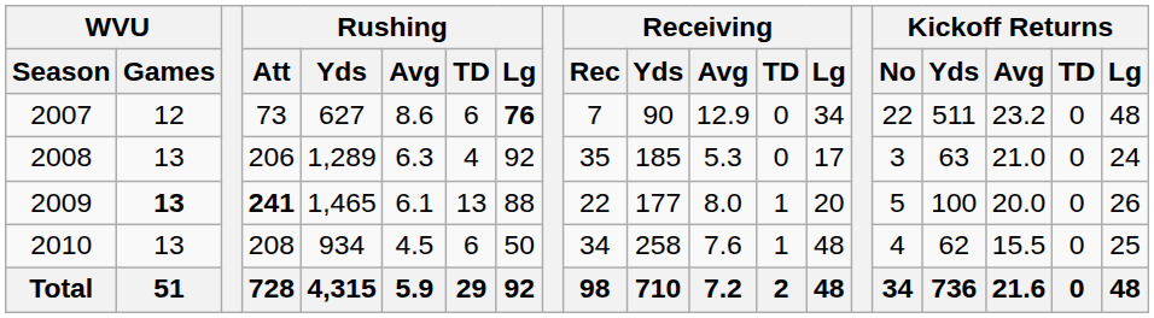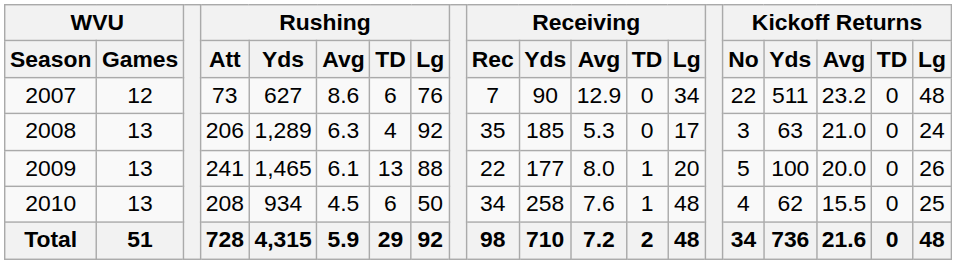 <table class="wikitable" style="text-align:center">
 <tr>
 <th colspan=2> WVU</th>
 <th rowspan=7> </th>
 <th colspan=5>Rushing</th>
 <th rowspan=7> </th>
 <th colspan=5>Receiving</th>
 <th rowspan=7> </th>
 <th colspan=5>Kickoff Returns</th>
 </tr>
 <tr>
 <th>Season</th>
 <th>Games</th>
 <th>Att</th>
 <th>Yds</th>
 <th>Avg</th>
 <th>TD</th>
 <th>Lg</th>
 <th>Rec</th>
 <th>Yds</th>
 <th>Avg</th>
 <th>TD</th>
 <th>Lg</th>
 <th>No</th>
 <th>Yds</th>
 <th>Avg</th>
 <th>TD</th>
 <th>Lg</th>
 </tr>
 <tr>
 <td>2007</td>
 <td>12</td>
 <td>73</td>
 <td>627</td>
 <td>8.6</td>
 <td>6</td>
-<td><strong>76</strong></td>
+<td>76</td>
 <td>7</td>
 <td>90</td>
 <td>12.9</td>
 <td>0</td>
 <td>34</td>
 <td>22</td>
 <td>511</td>
 <td>23.2</td>
 <td>0</td>
 <td>48</td>
 </tr>
 <tr>
 <td>2008</td>
 <td>13</td>
 <td>206</td>
 <td>1,289</td>
 <td>6.3</td>
 <td>4</td>
 <td>92</td>
 <td>35</td>
 <td>185</td>
 <td>5.3</td>
 <td>0</td>
 <td>17</td>
 <td>3</td>
 <td>63</td>
 <td>21.0</td>
 <td>0</td>
 <td>24</td>
 </tr>
 <tr>
 <td>2009</td>
-<td><strong>13</strong></td>
-<td><strong>241</strong></td>
+<td>13</td>
+<td>241</td>
 <td>1,465</td>
 <td>6.1</td>
 <td>13</td>
 <td>88</td>
 <td>22</td>
 <td>177</td>
 <td>8.0</td>
 <td>1</td>
 <td>20</td>
 <td>5</td>
 <td>100</td>
 <td>20.0</td>
 <td>0</td>
 <td>26</td>
 </tr>
 <tr>
 <td>2010</td>
 <td>13</td>
 <td>208</td>
 <td>934</td>
 <td>4.5</td>
 <td>6</td>
 <td>50</td>
 <td>34</td>
 <td>258</td>
 <td>7.6</td>
 <td>1</td>
 <td>48</td>
 <td>4</td>
 <td>62</td>
 <td>15.5</td>
 <td>0</td>
 <td>25</td>
 </tr>
 <tr>
 <th>Total</th>
 <th>51</th>
 <th>728</th>
 <th>4,315</th>
 <th>5.9</th>
 <th>29</th>
 <th>92</th>
 <th>98</th>
 <th>710</th>
 <th>7.2</th>
 <th>2</th>
 <th>48</th>
 <th>34</th>
 <th>736</th>
 <th>21.6</th>
 <th>0</th>
 <th>48</th>
 </tr>
 </table>
